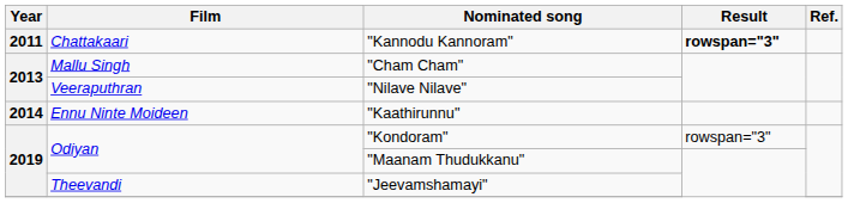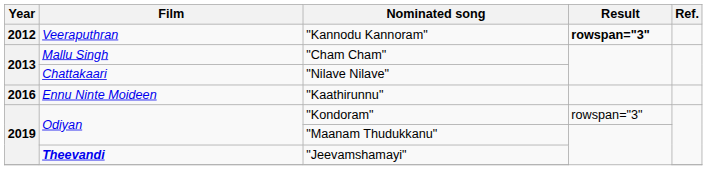 <table class="wikitable plainrowheaders" width="100%" textcolor:#000;">
 <tr>
 <th scope="col" width=5%><strong>Year</strong></th>
 <th scope="col" width=39%><strong>Film</strong></th>
 <th scope="col" width=39%><strong>Nominated song</strong></th>
 <th scope="col" width=15%><strong>Result</strong></th>
 <th scope="col" width=2%><strong>Ref.</strong></th>
 </tr>
 <tr>
-<th scope="row">2011</th>
-<td><em><a href='#'>Chattakaari</a></em></td>
+<th scope="row">2012</th>
+<td><em><a href='#'>Veeraputhran</a></em></td>
 <td>"Kannodu Kannoram"</td>
 <td><strong>rowspan="3" </strong></td>
 <td></td>
 </tr>
 <tr>
 <th scope="row" rowspan="2">2013</th>
 <td><em><a href='#'>Mallu Singh</a></em></td>
 <td>"Cham Cham"</td>
 <td rowspan="2"></td>
 </tr>
 <tr>
-<td><em><a href='#'>Veeraputhran</a></em></td>
+<td><em><a href='#'>Chattakaari</a></em></td>
 <td>"Nilave Nilave"</td>
 </tr>
 <tr>
-<th scope="row">2014</th>
+<th scope="row">2016</th>
 <td><em><a href='#'>Ennu Ninte Moideen</a></em></td>
 <td>"Kaathirunnu"</td>
 <td></td>
 <td></td>
 </tr>
 <tr>
 <th scope="row" rowspan="3">2019</th>
 <td rowspan="2"><em><a href='#'>Odiyan</a></em></td>
 <td>"Kondoram"</td>
 <td>rowspan="3" </td>
 <td rowspan="3"></td>
 </tr>
 <tr>
 <td>"Maanam Thudukkanu"</td>
 </tr>
 <tr>
-<td><em><a href='#'>Theevandi</a></em></td>
+<td><strong><em><a href='#'>Theevandi</a></em></strong></td>
 <td>"Jeevamshamayi"</td>
 </tr>
 <tr>
 </tr>
 </table>
